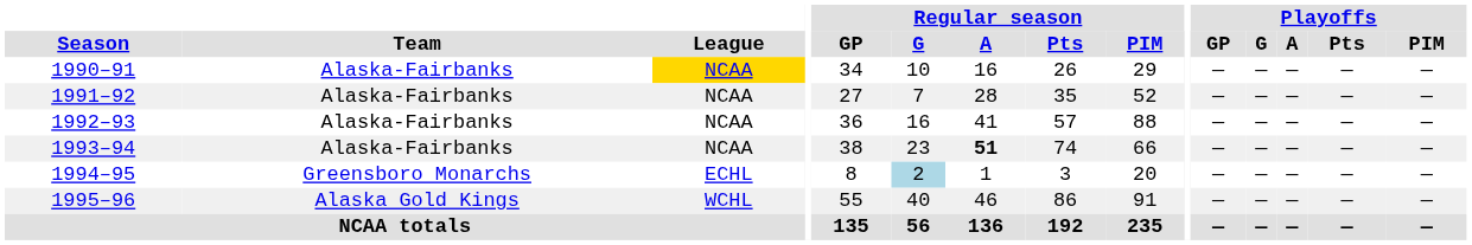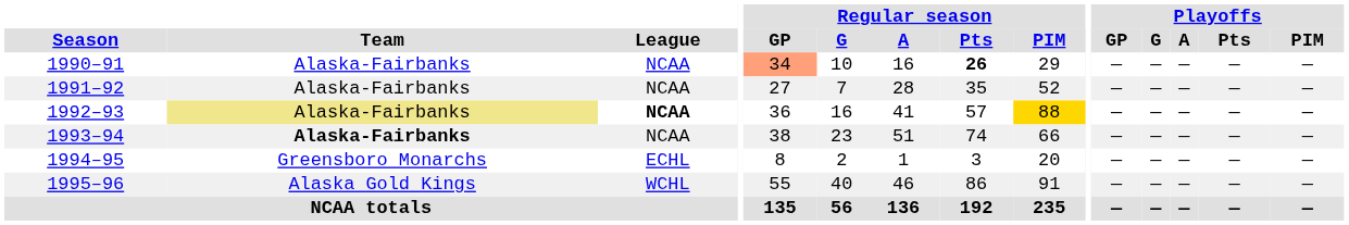 <table border="0" cellpadding="1" cellspacing="0" style="text-align:center; width:75%">
 <tr bgcolor="#e0e0e0">
 <th colspan="3" bgcolor="#ffffff"></th>
 <th rowspan="99" bgcolor="#ffffff"></th>
 <th colspan="5"><a href='#'>Regular season</a></th>
 <th rowspan="99" bgcolor="#ffffff"></th>
 <th colspan="5"><a href='#'>Playoffs</a></th>
 </tr>
 <tr bgcolor="#e0e0e0">
 <th><a href='#'>Season</a></th>
 <th>Team</th>
 <th>League</th>
 <th>GP</th>
 <th><a href='#'>G</a></th>
 <th><a href='#'>A</a></th>
 <th><a href='#'>Pts</a></th>
 <th><a href='#'>PIM</a></th>
 <th>GP</th>
 <th>G</th>
 <th>A</th>
 <th>Pts</th>
 <th>PIM</th>
 </tr>
 <tr ALIGN="center">
 <td><a href='#'>1990–91</a></td>
 <td><a href='#'>Alaska-Fairbanks</a></td>
-<td style="background: gold;"><a href='#'>NCAA</a></td>
-<td>34</td>
+<td><a href='#'>NCAA</a></td>
+<td style="background: lightsalmon;">34</td>
 <td>10</td>
 <td>16</td>
-<td>26</td>
+<td><strong>26</strong></td>
 <td>29</td>
 <td>—</td>
 <td>—</td>
 <td>—</td>
 <td>—</td>
 <td>—</td>
 </tr>
 <tr ALIGN="center" bgcolor="#f0f0f0">
 <td><a href='#'>1991–92</a></td>
 <td>Alaska-Fairbanks</td>
 <td>NCAA</td>
 <td>27</td>
 <td>7</td>
 <td>28</td>
 <td>35</td>
 <td>52</td>
 <td>—</td>
 <td>—</td>
 <td>—</td>
 <td>—</td>
 <td>—</td>
 </tr>
 <tr ALIGN="center">
 <td><a href='#'>1992–93</a></td>
-<td>Alaska-Fairbanks</td>
-<td>NCAA</td>
+<td style="background: khaki;">Alaska-Fairbanks</td>
+<td><strong>NCAA</strong></td>
 <td>36</td>
 <td>16</td>
 <td>41</td>
 <td>57</td>
-<td>88</td>
+<td style="background: gold;">88</td>
 <td>—</td>
 <td>—</td>
 <td>—</td>
 <td>—</td>
 <td>—</td>
 </tr>
 <tr ALIGN="center" bgcolor="#f0f0f0">
 <td><a href='#'>1993–94</a></td>
-<td>Alaska-Fairbanks</td>
+<td><strong>Alaska-Fairbanks</strong></td>
 <td>NCAA</td>
 <td>38</td>
 <td>23</td>
-<td><strong>51</strong></td>
+<td>51</td>
 <td>74</td>
 <td>66</td>
 <td>—</td>
 <td>—</td>
 <td>—</td>
 <td>—</td>
 <td>—</td>
 </tr>
 <tr ALIGN="center">
 <td><a href='#'>1994–95</a></td>
 <td><a href='#'>Greensboro Monarchs</a></td>
 <td><a href='#'>ECHL</a></td>
 <td>8</td>
-<td style="background: lightblue;">2</td>
+<td>2</td>
 <td>1</td>
 <td>3</td>
 <td>20</td>
 <td>—</td>
 <td>—</td>
 <td>—</td>
 <td>—</td>
 <td>—</td>
 </tr>
 <tr ALIGN="center" bgcolor="#f0f0f0">
 <td><a href='#'>1995–96</a></td>
 <td><a href='#'>Alaska Gold Kings</a></td>
 <td><a href='#'>WCHL</a></td>
 <td>55</td>
 <td>40</td>
 <td>46</td>
 <td>86</td>
 <td>91</td>
 <td>—</td>
 <td>—</td>
 <td>—</td>
 <td>—</td>
 <td>—</td>
 </tr>
 <tr bgcolor="#e0e0e0">
 <th colspan="3">NCAA totals</th>
 <th>135</th>
 <th>56</th>
 <th>136</th>
 <th>192</th>
 <th>235</th>
 <th>—</th>
 <th>—</th>
 <th>—</th>
 <th>—</th>
 <th>—</th>
 </tr>
 </table>
